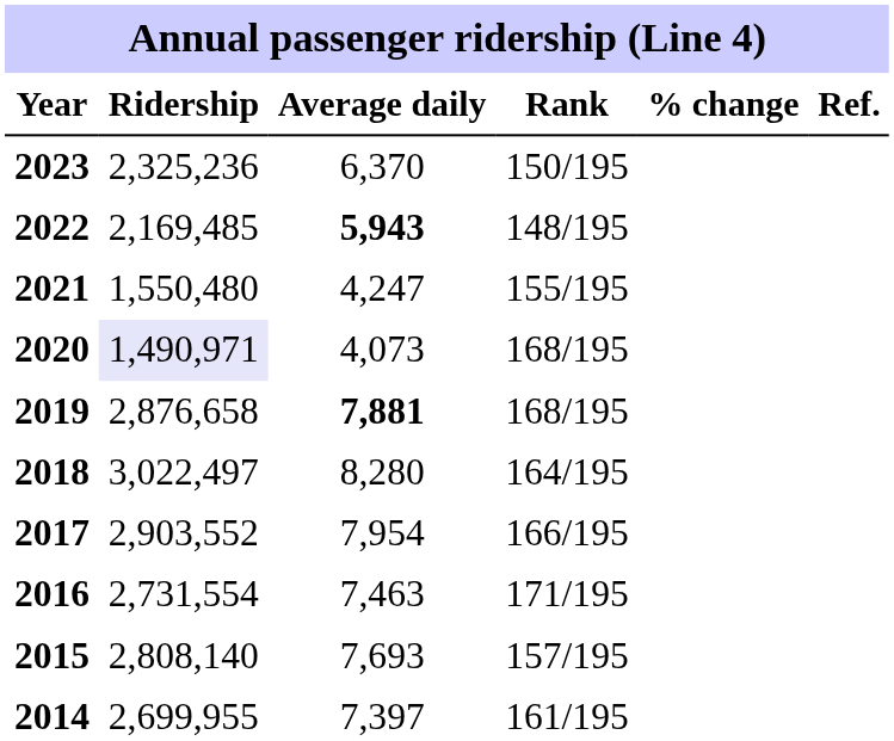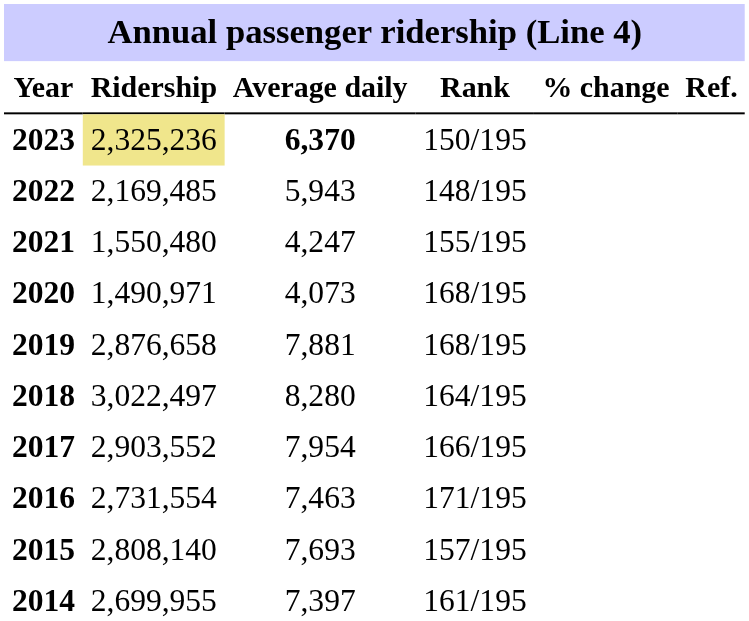 <table class="toccolours" cellpadding="4" cellspacing="0" style="text-align:right;">
 <tr>
 <th colspan="6"  style="background-color:#ccf; background-color:#ccf; font-size:110%; text-align:center;">Annual passenger ridership (Line 4)</th>
 </tr>
 <tr style="font-size:95%; text-align:center">
 <th style="border-bottom:1px solid black">Year</th>
 <th style="border-bottom:1px solid black">Ridership</th>
 <th style="border-bottom:1px solid black">Average daily</th>
 <th style="border-bottom:1px solid black">Rank</th>
 <th style="border-bottom:1px solid black">% change</th>
 <th style="border-bottom:1px solid black">Ref.</th>
 </tr>
 <tr style="text-align:center;">
 <td><strong>2023</strong></td>
-<td>2,325,236</td>
-<td>6,370</td>
+<td style="background: khaki;">2,325,236</td>
+<td><strong>6,370</strong></td>
 <td>150/195</td>
 <td></td>
 <td></td>
 </tr>
 <tr style="text-align:center;">
 <td><strong>2022</strong></td>
 <td>2,169,485</td>
-<td><strong>5,943</strong></td>
+<td>5,943</td>
 <td>148/195</td>
 <td></td>
 <td></td>
 </tr>
 <tr style="text-align:center;">
 <td><strong>2021</strong></td>
 <td>1,550,480</td>
 <td>4,247</td>
 <td>155/195</td>
 <td></td>
 <td></td>
 </tr>
 <tr style="text-align:center;">
 <td><strong>2020</strong></td>
-<td style="background: lavender;">1,490,971</td>
+<td>1,490,971</td>
 <td>4,073</td>
 <td>168/195</td>
 <td></td>
 <td></td>
 </tr>
 <tr style="text-align:center;">
 <td><strong>2019</strong></td>
 <td>2,876,658</td>
-<td><strong>7,881</strong></td>
+<td>7,881</td>
 <td>168/195</td>
 <td></td>
 <td></td>
 </tr>
 <tr style="text-align:center;">
 <td><strong>2018</strong></td>
 <td>3,022,497</td>
 <td>8,280</td>
 <td>164/195</td>
 <td></td>
 <td></td>
 </tr>
 <tr style="text-align:center;">
 <td><strong>2017</strong></td>
 <td>2,903,552</td>
 <td>7,954</td>
 <td>166/195</td>
 <td></td>
 <td></td>
 </tr>
 <tr style="text-align:center;">
 <td><strong>2016</strong></td>
 <td>2,731,554</td>
 <td>7,463</td>
 <td>171/195</td>
 <td></td>
 <td></td>
 </tr>
 <tr style="text-align:center;">
 <td><strong>2015</strong></td>
 <td>2,808,140</td>
 <td>7,693</td>
 <td>157/195</td>
 <td></td>
 <td></td>
 </tr>
 <tr style="text-align:center;">
 <td><strong>2014</strong></td>
 <td>2,699,955</td>
 <td>7,397</td>
 <td>161/195</td>
 <td></td>
 <td></td>
 </tr>
 </table>
